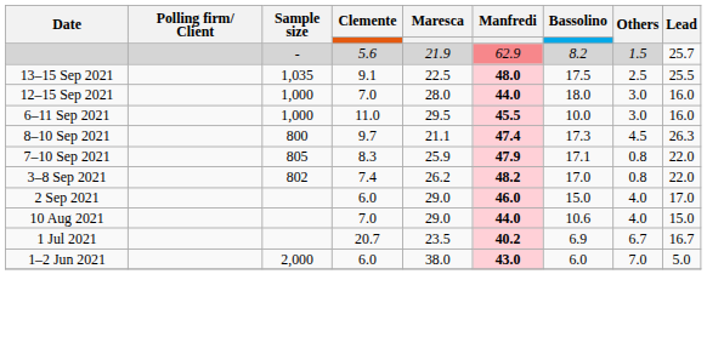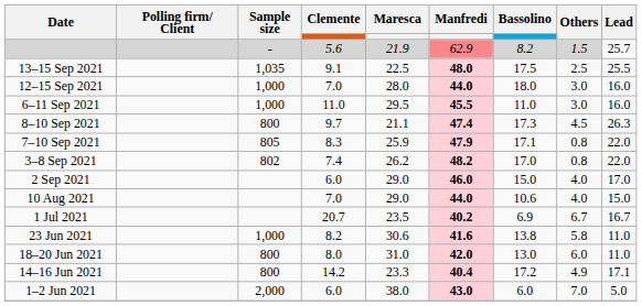 <table class=wikitable style="text-align:center;font-size:85%;line-height:13px">
 <tr style="height:30px; background-color:#E9E9E9">
 <th style="width:110px;" rowspan="2">Date</th>
 <th style="width:120px;" rowspan="2">Polling firm/<br>Client</th>
 <th style="width:60px;" rowspan="2">Sample size</th>
 <th style="width:60px;">Clemente</th>
 <th style="width:60px;">Maresca</th>
 <th style="width:60px;">Manfredi</th>
 <th style="width:60px;">Bassolino</th>
 <th style="width:40px;" rowspan="2">Others</th>
 <th style="width:30px;" rowspan="2">Lead</th>
 </tr>
 <tr>
 <th style="background:#E4590F;"></th>
 <th style="background:"></th>
 <th style="background:"></th>
 <th style="background:#01A9E8;”"></th>
 </tr>
 <tr>
 <td style="background:#D5D5D5"></td>
 <td style="background:#D5D5D5"></td>
 <td style="background:#D5D5D5"><em>-</em></td>
 <td style="background:#D5D5D5"><em>5.6</em></td>
 <td style="background:#D5D5D5"><em>21.9</em></td>
 <td style="background:#F7878B"><em>62.9</em></td>
 <td style="background:#D5D5D5"><em>8.2</em></td>
 <td style="background:#D5D5D5"><em>1.5</em></td>
 <td style="background:">25.7</td>
 </tr>
 <tr>
 <td>13–15 Sep 2021</td>
 <td></td>
 <td>1,035</td>
 <td>9.1</td>
 <td>22.5</td>
 <td style="background:#FFD0D7"><strong>48.0</strong></td>
 <td>17.5</td>
 <td>2.5</td>
 <td style="background:">25.5</td>
 </tr>
 <tr>
 <td>12–15 Sep 2021</td>
 <td></td>
 <td>1,000</td>
 <td>7.0</td>
 <td>28.0</td>
 <td style="background:#FFD0D7"><strong>44.0</strong></td>
 <td>18.0</td>
 <td>3.0</td>
 <td style="background:">16.0</td>
 </tr>
 <tr>
 <td>6–11 Sep 2021</td>
 <td></td>
 <td>1,000</td>
 <td>11.0</td>
 <td>29.5</td>
 <td style="background:#FFD0D7"><strong>45.5</strong></td>
-<td>10.0</td>
+<td>11.0</td>
 <td>3.0</td>
 <td style="background:">16.0</td>
 </tr>
 <tr>
 <td>8–10 Sep 2021</td>
 <td></td>
 <td>800</td>
 <td>9.7</td>
 <td>21.1</td>
 <td style="background:#FFD0D7"><strong>47.4</strong></td>
 <td>17.3</td>
 <td>4.5</td>
 <td style="background:">26.3</td>
 </tr>
 <tr>
 <td>7–10 Sep 2021</td>
 <td></td>
 <td>805</td>
 <td>8.3</td>
 <td>25.9</td>
 <td style="background:#FFD0D7"><strong>47.9</strong></td>
 <td>17.1</td>
 <td>0.8</td>
 <td style="background:">22.0</td>
 </tr>
 <tr>
 <td>3–8 Sep 2021</td>
 <td></td>
 <td>802</td>
 <td>7.4</td>
 <td>26.2</td>
 <td style="background:#FFD0D7"><strong>48.2</strong></td>
 <td>17.0</td>
 <td>0.8</td>
 <td style="background:">22.0</td>
 </tr>
 <tr>
 <td>2 Sep 2021</td>
 <td></td>
 <td></td>
 <td>6.0</td>
 <td>29.0</td>
 <td style="background:#FFD0D7"><strong>46.0</strong></td>
 <td>15.0</td>
 <td>4.0</td>
 <td style="background:">17.0</td>
 </tr>
 <tr>
 <td>10 Aug 2021</td>
 <td></td>
 <td></td>
 <td>7.0</td>
 <td>29.0</td>
 <td style="background:#FFD0D7"><strong>44.0</strong></td>
 <td>10.6</td>
 <td>4.0</td>
 <td style="background:">15.0</td>
 </tr>
 <tr>
 <td>1 Jul 2021</td>
 <td></td>
 <td></td>
 <td>20.7</td>
 <td>23.5</td>
 <td style="background:#FFD0D7"><strong>40.2</strong></td>
 <td>6.9</td>
 <td>6.7</td>
 <td style="background:">16.7</td>
 </tr>
 <tr>
+<td>23 Jun 2021</td>
+<td></td>
+<td>1,000</td>
+<td>8.2</td>
+<td>30.6</td>
+<td style="background:#FFD0D7"><strong>41.6</strong></td>
+<td>13.8</td>
+<td>5.8</td>
+<td style="background:">11.0</td>
+</tr>
+<tr>
+<td>18–20 Jun 2021</td>
+<td></td>
+<td>800</td>
+<td>8.0</td>
+<td>31.0</td>
+<td style="background:#FFD0D7"><strong>42.0</strong></td>
+<td>13.0</td>
+<td>6.0</td>
+<td style="background:">11.0</td>
+</tr>
+<tr>
+<td>14–16 Jun 2021</td>
+<td></td>
+<td>800</td>
+<td>14.2</td>
+<td>23.3</td>
+<td style="background:#FFD0D7"><strong>40.4</strong></td>
+<td>17.2</td>
+<td>4.9</td>
+<td style="background:">17.1</td>
+</tr>
+<tr>
 <td>1–2 Jun 2021</td>
 <td></td>
 <td>2,000</td>
 <td>6.0</td>
 <td>38.0</td>
 <td style="background:#FFD0D7"><strong>43.0</strong></td>
 <td>6.0</td>
 <td>7.0</td>
 <td style="background:">5.0</td>
 </tr>
 <tr>
 </tr>
 </table>
